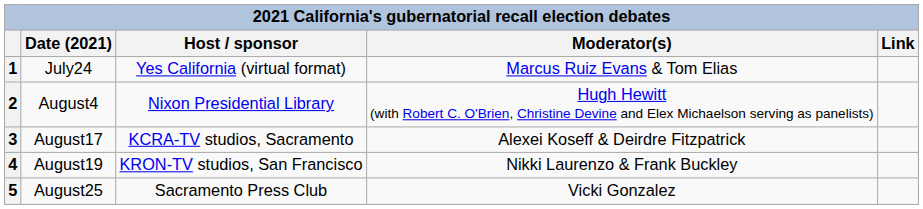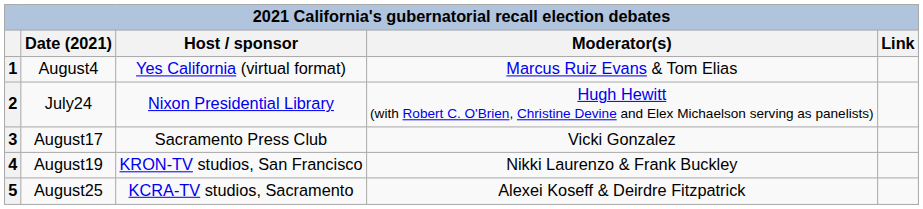 <table class="wikitable">
 <tr>
 <th colspan="5" style="background:#B0C4DE">2021 California's gubernatorial recall election debates</th>
 </tr>
 <tr>
 <th style="white-space:nowrap;"> </th>
 <th>Date (2021)</th>
 <th>Host / sponsor</th>
 <th>Moderator(s)</th>
 <th>Link</th>
 </tr>
 <tr>
 <th>1</th>
-<td style="white-space:nowrap;text-align:center;">July24</td>
+<td style="white-space:nowrap;text-align:center;">August4</td>
 <td style="white-space:nowrap;text-align:center;"><a href='#'>Yes California</a> (virtual format)</td>
 <td style="white-space:nowrap;text-align:center;"><a href='#'>Marcus Ruiz Evans</a> & Tom Elias</td>
 <td style="white-space:nowrap;text-align:center;"></td>
 </tr>
 <tr>
 <th>2</th>
-<td style="white-space:nowrap;text-align:center;">August4</td>
+<td style="white-space:nowrap;text-align:center;">July24</td>
 <td style="white-space:nowrap;text-align:center;"><a href='#'>Nixon Presidential Library</a></td>
 <td style="white-space:nowrap;text-align:center;"><a href='#'>Hugh Hewitt</a><br><small>(with <a href='#'>Robert C. O'Brien</a>, <a href='#'>Christine Devine</a> and Elex Michaelson serving as panelists)</small></td>
 <td style="white-space:nowrap;text-align:center;"></td>
 </tr>
 <tr>
 <th>3</th>
 <td style="white-space:nowrap;text-align:center;">August17</td>
-<td style="white-space:nowrap;text-align:center;"><a href='#'>KCRA-TV</a> studios, Sacramento</td>
-<td style="white-space:nowrap;text-align:center;">Alexei Koseff & Deirdre Fitzpatrick</td>
+<td style="white-space:nowrap;text-align:center;">Sacramento Press Club</td>
+<td style="white-space:nowrap;text-align:center;">Vicki Gonzalez</td>
 <td style="white-space:nowrap;text-align:center;"></td>
 </tr>
 <tr>
 <th>4</th>
 <td style="white-space:nowrap;text-align:center;">August19</td>
 <td style="white-space:nowrap;text-align:center;"><a href='#'>KRON-TV</a> studios, San Francisco</td>
 <td style="white-space:nowrap;text-align:center;">Nikki Laurenzo & Frank Buckley</td>
 <td style="white-space:nowrap;text-align:center;"></td>
 </tr>
 <tr>
 <th>5</th>
 <td style="white-space:nowrap;text-align:center;">August25</td>
-<td style="white-space:nowrap;text-align:center;">Sacramento Press Club</td>
-<td style="white-space:nowrap;text-align:center;">Vicki Gonzalez</td>
+<td style="white-space:nowrap;text-align:center;"><a href='#'>KCRA-TV</a> studios, Sacramento</td>
+<td style="white-space:nowrap;text-align:center;">Alexei Koseff & Deirdre Fitzpatrick</td>
 <td style="white-space:nowrap;text-align:center;"></td>
 </tr>
 </table>
